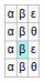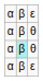 <table class="wikitable">
 <tr>
 <td>α</td>
 <td>β</td>
 <td>ε</td>
 </tr>
 <tr>
 <td>α</td>
 <td>β</td>
 <td>θ</td>
 </tr>
 <tr>
 <td>α</td>
 <td style="background: paleturquoise;">β</td>
-<td>ε</td>
+<td>θ</td>
 </tr>
 <tr>
 <td>α</td>
 <td>β</td>
-<td>θ</td>
+<td>ε</td>
 </tr>
 </table>
